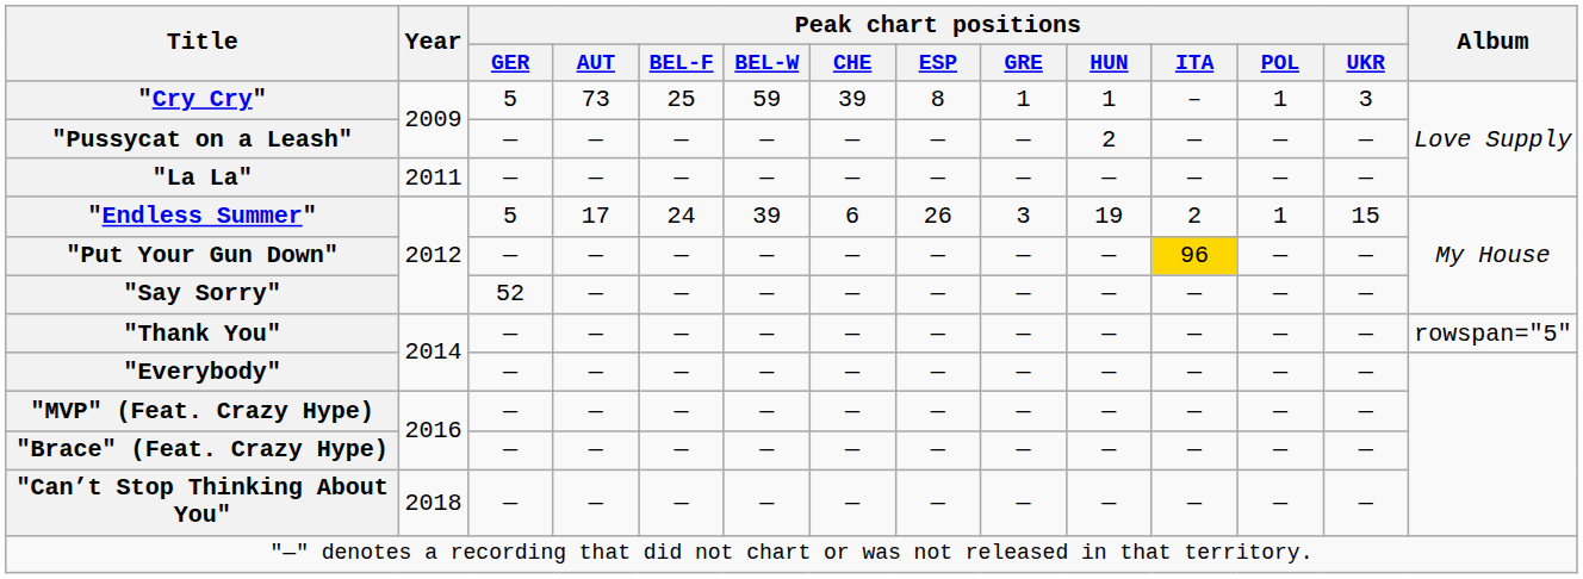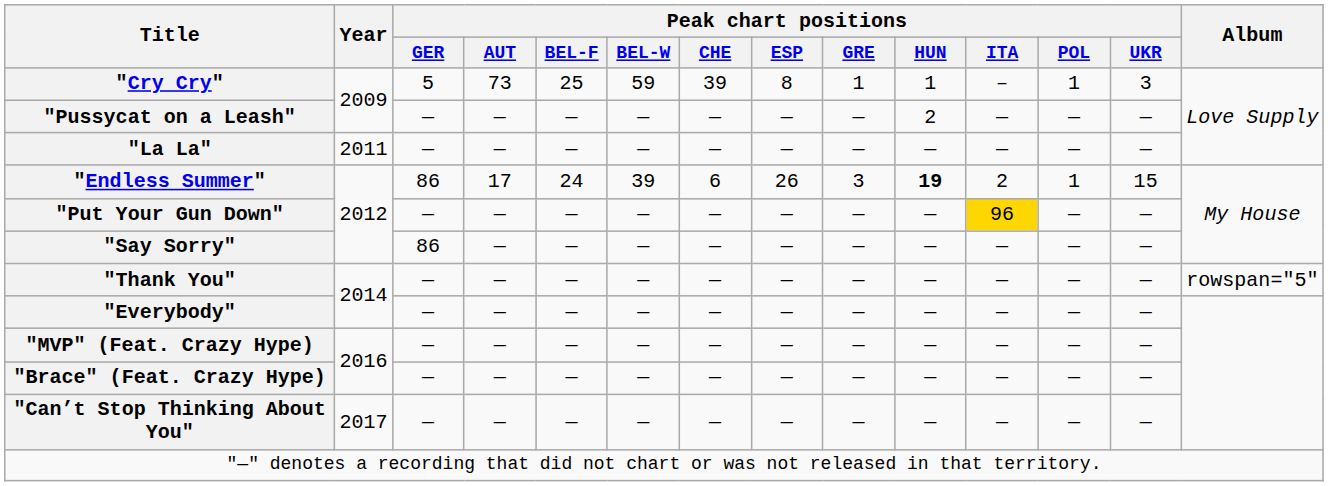 <table class="wikitable plainrowheaders" style="text-align:center;" border="1">
 <tr>
 <th scope="col" rowspan="2" style="width:16em;">Title</th>
 <th scope="col" rowspan="2">Year</th>
 <th scope="col" colspan="11">Peak chart positions</th>
 <th scope="col" rowspan="2">Album</th>
 </tr>
 <tr>
 <th scope="col" style="width:3.5em;font-size:90%;"><a href='#'>GER</a><br></th>
 <th scope="col" style="width:3.5em;font-size:90%;"><a href='#'>AUT</a><br></th>
 <th scope="col" style="width:3.5em;font-size:90%;"><a href='#'>BEL-F</a><br></th>
 <th scope="col" style="width:3.5em;font-size:90%;"><a href='#'>BEL-W</a><br></th>
 <th scope="col" style="width:3.5em;font-size:90%;"><a href='#'>CHE</a><br></th>
 <th scope="col" style="width:3.5em;font-size:90%;"><a href='#'>ESP</a><br></th>
 <th scope="col" style="width:3.5em;font-size:90%;"><a href='#'>GRE</a><br></th>
 <th scope="col" style="width:3.5em;font-size:90%;"><a href='#'>HUN</a><br></th>
 <th scope="col" style="width:3.5em;font-size:90%;"><a href='#'>ITA</a><br></th>
 <th scope="col" style="width:3.5em;font-size:90%;"><a href='#'>POL</a><br></th>
 <th scope="col" style="width:3.5em;font-size:90%;"><a href='#'>UKR</a><br></th>
 </tr>
 <tr>
 <th scope="row">"<a href='#'>Cry Cry</a>"</th>
 <td rowspan="2">2009</td>
 <td>5</td>
 <td>73</td>
 <td>25</td>
 <td>59</td>
 <td>39</td>
 <td>8</td>
 <td>1</td>
 <td>1</td>
 <td>–</td>
 <td>1</td>
 <td>3</td>
 <td rowspan="3"><em>Love Supply</em></td>
 </tr>
 <tr>
 <th scope="row">"Pussycat on a Leash"</th>
 <td>—</td>
 <td>—</td>
 <td>—</td>
 <td>—</td>
 <td>—</td>
 <td>—</td>
 <td>—</td>
 <td>2</td>
 <td>—</td>
 <td>—</td>
 <td>—</td>
 </tr>
 <tr>
 <th scope="row">"La La"</th>
 <td rowspan="1">2011</td>
 <td>—</td>
 <td>—</td>
 <td>—</td>
 <td>—</td>
 <td>—</td>
 <td>—</td>
 <td>—</td>
 <td>—</td>
 <td>—</td>
 <td>—</td>
 <td>—</td>
 </tr>
 <tr>
 <th scope="row">"<a href='#'>Endless Summer</a>"</th>
 <td rowspan="3">2012</td>
-<td>5</td>
+<td>86</td>
 <td>17</td>
 <td>24</td>
 <td>39</td>
 <td>6</td>
 <td>26</td>
 <td>3</td>
-<td>19</td>
+<td><strong>19</strong></td>
 <td>2</td>
 <td>1</td>
 <td>15</td>
 <td rowspan="3"><em>My House</em></td>
 </tr>
 <tr>
 <th scope="row">"Put Your Gun Down"</th>
 <td>—</td>
 <td>—</td>
 <td>—</td>
 <td>—</td>
 <td>—</td>
 <td>—</td>
 <td>—</td>
 <td>—</td>
 <td style="background: gold;">96</td>
 <td>—</td>
 <td>—</td>
 </tr>
 <tr>
 <th scope="row">"Say Sorry"</th>
-<td>52</td>
+<td>86</td>
 <td>—</td>
 <td>—</td>
 <td>—</td>
 <td>—</td>
 <td>—</td>
 <td>—</td>
 <td>—</td>
 <td>—</td>
 <td>—</td>
 <td>—</td>
 </tr>
 <tr>
 <th scope="row">"Thank You"</th>
 <td rowspan="2">2014</td>
 <td>—</td>
 <td>—</td>
 <td>—</td>
 <td>—</td>
 <td>—</td>
 <td>—</td>
 <td>—</td>
 <td>—</td>
 <td>—</td>
 <td>—</td>
 <td>—</td>
 <td>rowspan="5" </td>
 </tr>
 <tr>
 <th scope="row">"Everybody"</th>
 <td>—</td>
 <td>—</td>
 <td>—</td>
 <td>—</td>
 <td>—</td>
 <td>—</td>
 <td>—</td>
 <td>—</td>
 <td>—</td>
 <td>—</td>
 <td>—</td>
 </tr>
 <tr>
 <th scope="row">"MVP" (Feat. Crazy Hype)</th>
 <td rowspan="2">2016</td>
 <td>—</td>
 <td>—</td>
 <td>—</td>
 <td>—</td>
 <td>—</td>
 <td>—</td>
 <td>—</td>
 <td>—</td>
 <td>—</td>
 <td>—</td>
 <td>—</td>
 </tr>
 <tr>
 <th scope="row">"Brace" (Feat. Crazy Hype)</th>
 <td>—</td>
 <td>—</td>
 <td>—</td>
 <td>—</td>
 <td>—</td>
 <td>—</td>
 <td>—</td>
 <td>—</td>
 <td>—</td>
 <td>—</td>
 <td>—</td>
 </tr>
 <tr>
 <th scope="row">"Can’t Stop Thinking About You"</th>
-<td>2018</td>
+<td>2017</td>
 <td>—</td>
 <td>—</td>
 <td>—</td>
 <td>—</td>
 <td>—</td>
 <td>—</td>
 <td>—</td>
 <td>—</td>
 <td>—</td>
 <td>—</td>
 <td>—</td>
 </tr>
 <tr>
 <td colspan="14" style="font-size:90%">"—" denotes a recording that did not chart or was not released in that territory.</td>
 </tr>
 </table>
